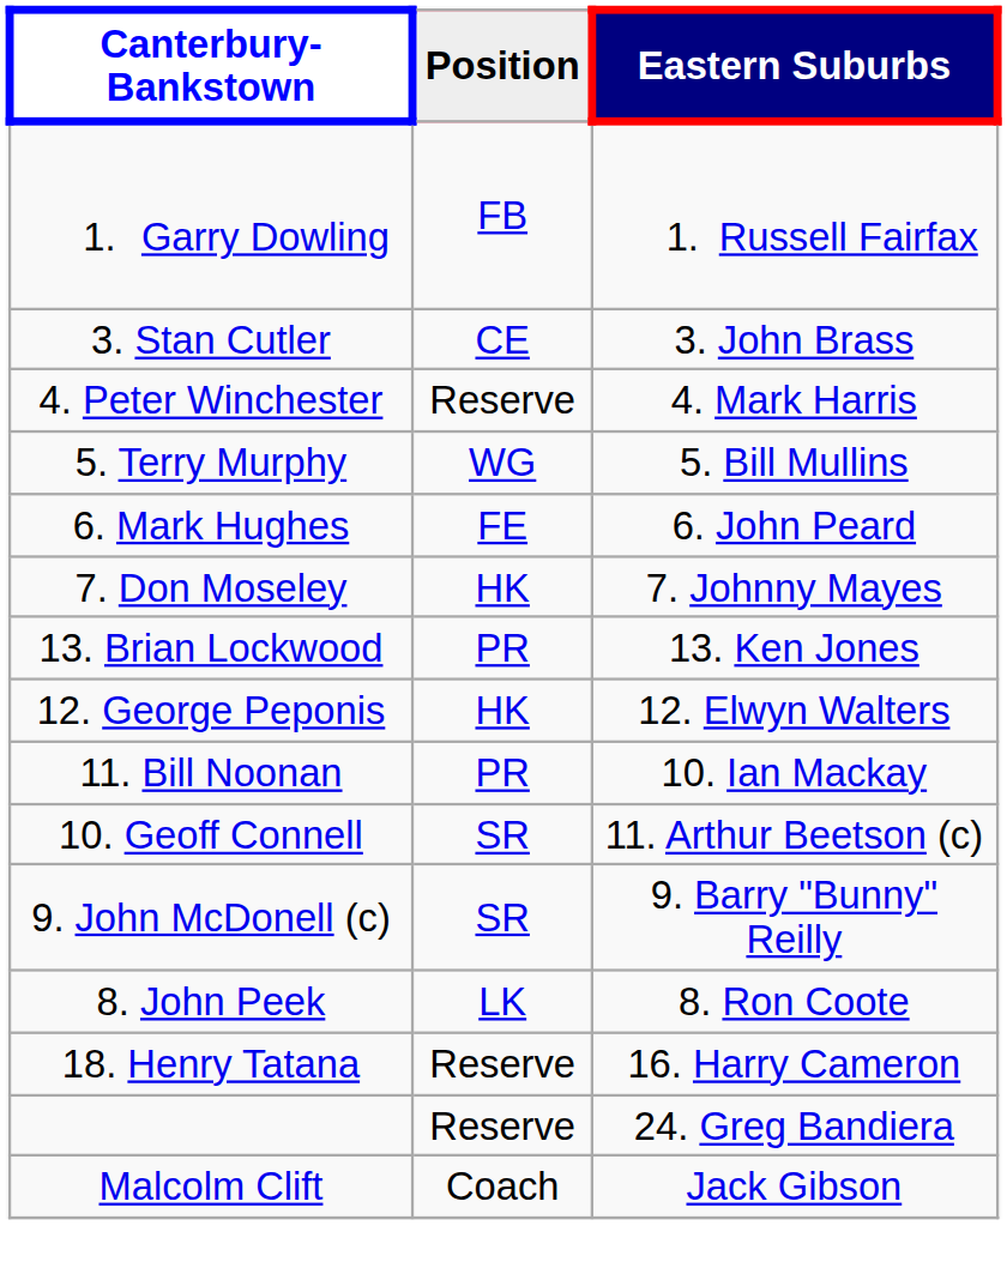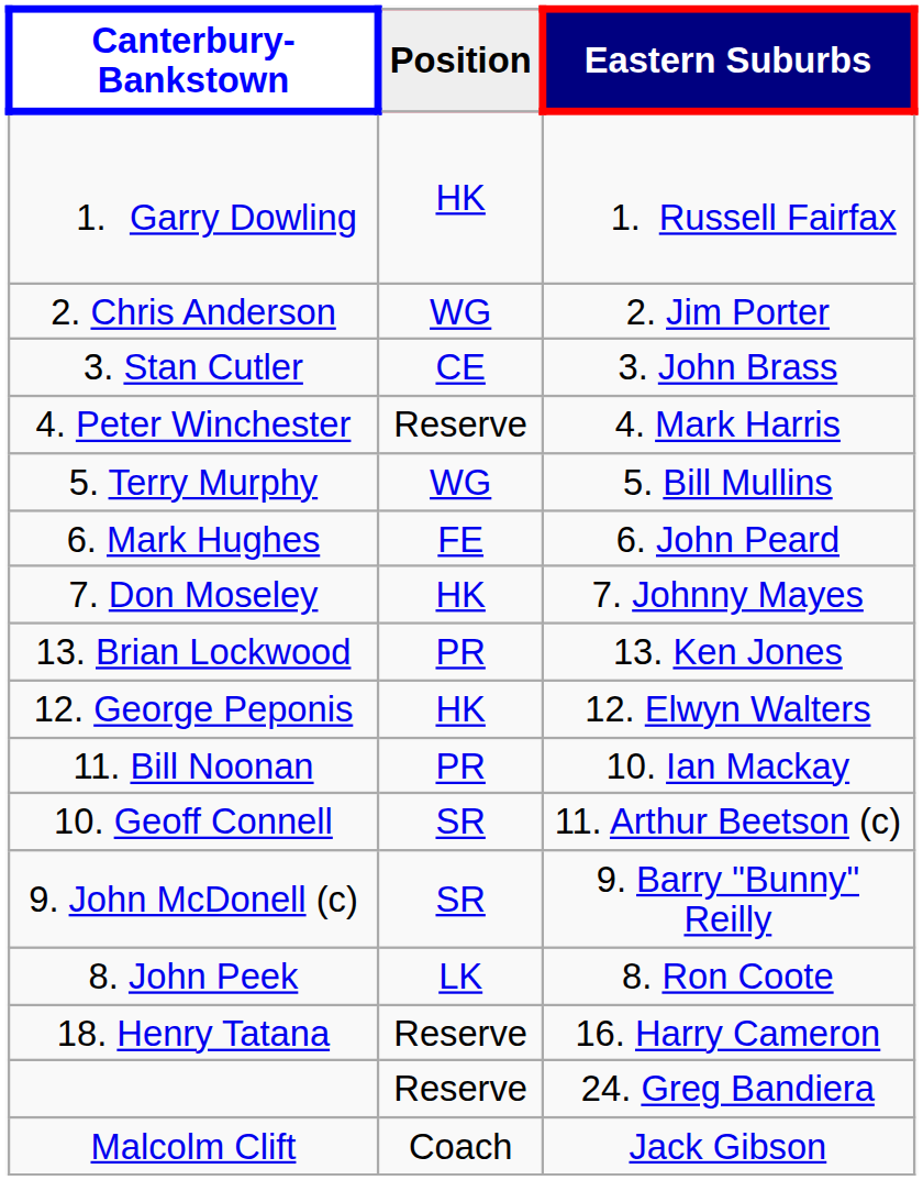 <table align="right" class="wikitable" style="font-size:90%; margin-left:1em">
 <tr bgcolor="#FF0033">
 <th style="width:140px; border:3px solid blue; background: white; color: blue">Canterbury-Bankstown</th>
 <th style="width:40px; text-align:center; background:#eee; color:black;">Position</th>
 <th style="width:140px; border:3px solid red; background: navy; color: white">Eastern Suburbs</th>
 </tr>
 <tr align=center>
 <td><br><ol><li><a href='#'>Garry Dowling</a></li></ol></td>
-<td><a href='#'>FB</a></td>
+<td><a href='#'>HK</a></td>
 <td><br><ol><li><a href='#'>Russell Fairfax</a></li></ol></td>
+</tr>
+<tr align=center>
+<td>2. <a href='#'>Chris Anderson</a></td>
+<td><a href='#'>WG</a></td>
+<td>2. <a href='#'>Jim Porter</a></td>
 </tr>
 <tr align=center>
 <td>3. <a href='#'>Stan Cutler</a></td>
 <td><a href='#'>CE</a></td>
 <td>3. <a href='#'>John Brass</a></td>
 </tr>
 <tr align=center>
 <td>4. <a href='#'>Peter Winchester</a></td>
 <td>Reserve</td>
 <td>4. <a href='#'>Mark Harris</a></td>
 </tr>
 <tr align=center>
 <td>5. <a href='#'>Terry Murphy</a></td>
 <td><a href='#'>WG</a></td>
 <td>5. <a href='#'>Bill Mullins</a></td>
 </tr>
 <tr align=center>
 <td>6. <a href='#'>Mark Hughes</a></td>
 <td><a href='#'>FE</a></td>
 <td>6. <a href='#'>John Peard</a></td>
 </tr>
 <tr align=center>
 <td>7. <a href='#'>Don Moseley</a></td>
 <td><a href='#'>HK</a></td>
 <td>7. <a href='#'>Johnny Mayes</a></td>
 </tr>
 <tr align=center>
 <td>13. <a href='#'>Brian Lockwood</a></td>
 <td><a href='#'>PR</a></td>
 <td>13. <a href='#'>Ken Jones</a></td>
 </tr>
 <tr align=center>
 <td>12. <a href='#'>George Peponis</a></td>
 <td><a href='#'>HK</a></td>
 <td>12. <a href='#'>Elwyn Walters</a></td>
 </tr>
 <tr align=center>
 <td>11. <a href='#'>Bill Noonan</a></td>
 <td><a href='#'>PR</a></td>
 <td>10. <a href='#'>Ian Mackay</a></td>
 </tr>
 <tr align=center>
 <td>10. <a href='#'>Geoff Connell</a></td>
 <td><a href='#'>SR</a></td>
 <td>11. <a href='#'>Arthur Beetson</a> (c)</td>
 </tr>
 <tr align=center>
 <td>9. <a href='#'>John McDonell</a> (c)</td>
 <td><a href='#'>SR</a></td>
 <td>9. <a href='#'>Barry "Bunny" Reilly</a></td>
 </tr>
 <tr align=center>
 <td>8. <a href='#'>John Peek</a></td>
 <td><a href='#'>LK</a></td>
 <td>8. <a href='#'>Ron Coote</a></td>
 </tr>
 <tr align=center>
 <td>18. <a href='#'>Henry Tatana</a></td>
 <td>Reserve</td>
 <td>16. <a href='#'>Harry Cameron</a></td>
 </tr>
 <tr align=center>
 <td></td>
 <td>Reserve</td>
 <td>24. <a href='#'>Greg Bandiera</a></td>
 </tr>
 <tr align=center>
 <td><a href='#'>Malcolm Clift</a></td>
 <td>Coach</td>
 <td><a href='#'>Jack Gibson</a></td>
 </tr>
 <tr>
 </tr>
 </table>
